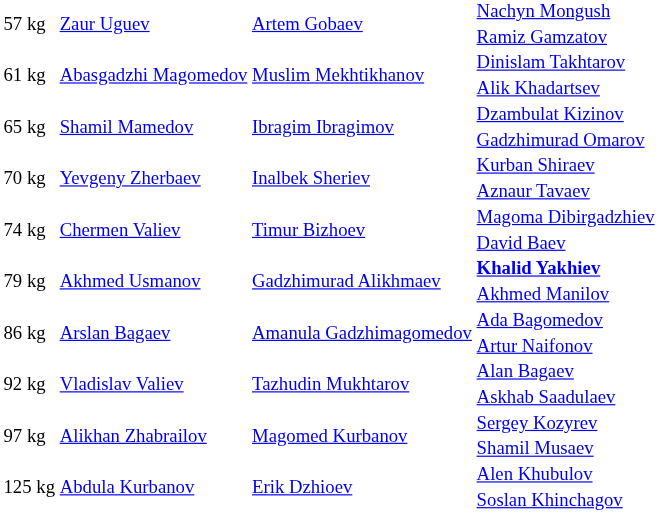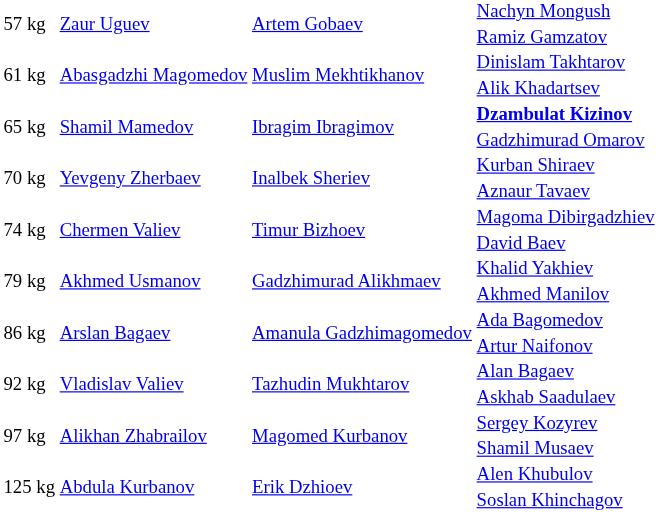 <table>
 <tr>
 <td rowspan=2>57 kg<br></td>
 <td rowspan=2> <a href='#'>Zaur Uguev</a></td>
 <td rowspan=2> <a href='#'>Artem Gobaev</a></td>
 <td> <a href='#'>Nachyn Mongush</a></td>
 </tr>
 <tr>
 <td> <a href='#'>Ramiz Gamzatov</a></td>
 </tr>
 <tr>
 <td rowspan=2>61 kg<br></td>
 <td rowspan=2> <a href='#'>Abasgadzhi Magomedov</a></td>
 <td rowspan=2> <a href='#'>Muslim Mekhtikhanov</a></td>
 <td> <a href='#'>Dinislam Takhtarov</a></td>
 </tr>
 <tr>
 <td> <a href='#'>Alik Khadartsev</a></td>
 </tr>
 <tr>
 <td rowspan=2>65 kg<br></td>
 <td rowspan=2> <a href='#'>Shamil Mamedov</a></td>
 <td rowspan=2> <a href='#'>Ibragim Ibragimov</a></td>
-<td> <a href='#'>Dzambulat Kizinov</a></td>
+<td><strong> <a href='#'>Dzambulat Kizinov</a></strong></td>
 </tr>
 <tr>
 <td> <a href='#'>Gadzhimurad Omarov</a></td>
 </tr>
 <tr>
 <td rowspan=2>70 kg<br></td>
 <td rowspan=2> <a href='#'>Yevgeny Zherbaev</a></td>
 <td rowspan=2> <a href='#'>Inalbek Sheriev</a></td>
 <td> <a href='#'>Kurban Shiraev</a></td>
 </tr>
 <tr>
 <td> <a href='#'>Aznaur Tavaev</a></td>
 </tr>
 <tr>
 <td rowspan=2>74 kg<br></td>
 <td rowspan=2> <a href='#'>Chermen Valiev</a></td>
 <td rowspan=2> <a href='#'>Timur Bizhoev</a></td>
 <td> <a href='#'>Magoma Dibirgadzhiev</a></td>
 </tr>
 <tr>
 <td> <a href='#'>David Baev</a></td>
 </tr>
 <tr>
 <td rowspan=2>79 kg<br></td>
 <td rowspan=2> <a href='#'>Akhmed Usmanov</a></td>
 <td rowspan=2> <a href='#'>Gadzhimurad Alikhmaev</a></td>
-<td><strong> <a href='#'>Khalid Yakhiev</a></strong></td>
+<td> <a href='#'>Khalid Yakhiev</a></td>
 </tr>
 <tr>
 <td> <a href='#'>Akhmed Manilov</a></td>
 </tr>
 <tr>
 <td rowspan=2>86 kg<br></td>
 <td rowspan=2> <a href='#'>Arslan Bagaev</a></td>
 <td rowspan=2> <a href='#'>Amanula Gadzhimagomedov</a></td>
 <td> <a href='#'>Ada Bagomedov</a></td>
 </tr>
 <tr>
 <td> <a href='#'>Artur Naifonov</a></td>
 </tr>
 <tr>
 <td rowspan=2>92 kg<br></td>
 <td rowspan=2> <a href='#'>Vladislav Valiev</a></td>
 <td rowspan=2> <a href='#'>Tazhudin Mukhtarov</a></td>
 <td> <a href='#'>Alan Bagaev</a></td>
 </tr>
 <tr>
 <td> <a href='#'>Askhab Saadulaev</a></td>
 </tr>
 <tr>
 <td rowspan=2>97 kg<br></td>
 <td rowspan=2> <a href='#'>Alikhan Zhabrailov</a></td>
 <td rowspan=2> <a href='#'>Magomed Kurbanov</a></td>
 <td> <a href='#'>Sergey Kozyrev</a></td>
 </tr>
 <tr>
 <td> <a href='#'>Shamil Musaev</a></td>
 </tr>
 <tr>
 <td rowspan=2>125 kg<br></td>
 <td rowspan=2> <a href='#'>Abdula Kurbanov</a></td>
 <td rowspan=2> <a href='#'>Erik Dzhioev</a></td>
 <td> <a href='#'>Alen Khubulov</a></td>
 </tr>
 <tr>
 <td> <a href='#'>Soslan Khinchagov</a></td>
 </tr>
 </table>
